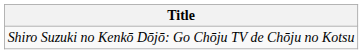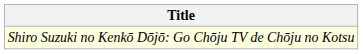 <table class="wikitable">
 <tr>
 <th>Title</th>
 </tr>
 <tr>
-<td><em>Shiro Suzuki no Kenkō Dōjō: Go Chōju TV de Chōju no Kotsu</em></td>
+<td style="background: lightyellow;"><em>Shiro Suzuki no Kenkō Dōjō: Go Chōju TV de Chōju no Kotsu</em></td>
 </tr>
 </table>
